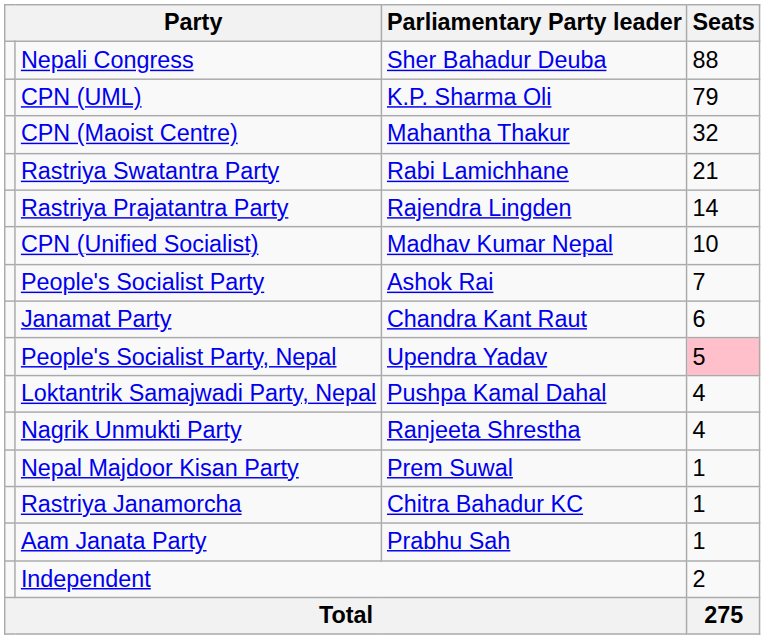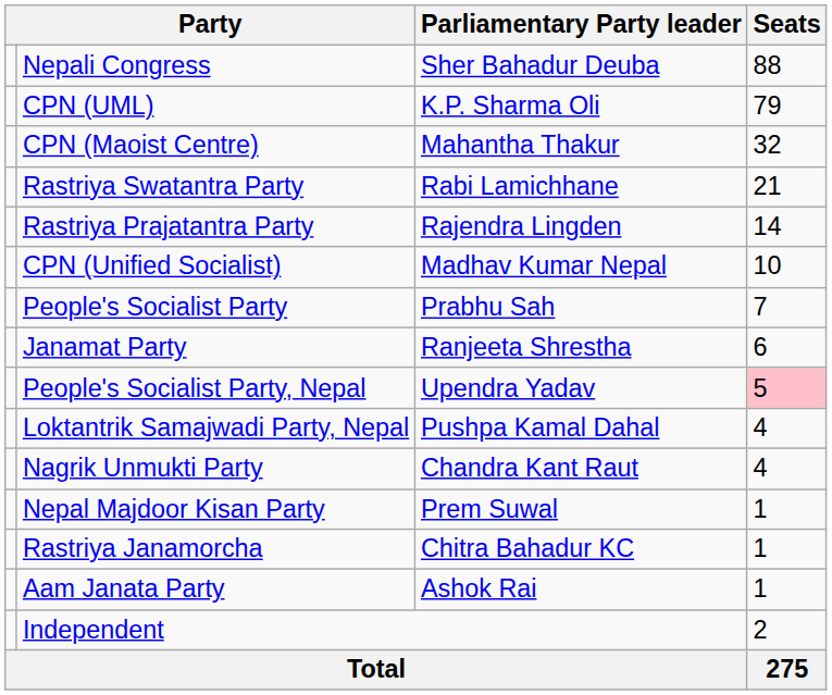 <table class="wikitable">
 <tr>
 <th colspan="2">Party</th>
 <th>Parliamentary Party leader</th>
 <th>Seats</th>
 </tr>
 <tr>
 <td></td>
 <td><a href='#'>Nepali Congress</a></td>
 <td><a href='#'>Sher Bahadur Deuba</a></td>
 <td>88</td>
 </tr>
 <tr>
 <td></td>
 <td><a href='#'>CPN (UML)</a></td>
 <td><a href='#'>K.P. Sharma Oli</a></td>
 <td>79</td>
 </tr>
 <tr>
 <td></td>
 <td><a href='#'>CPN (Maoist Centre)</a></td>
 <td><a href='#'>Mahantha Thakur</a></td>
 <td>32</td>
 </tr>
 <tr>
 <td></td>
 <td><a href='#'>Rastriya Swatantra Party</a></td>
 <td><a href='#'>Rabi Lamichhane</a></td>
 <td>21</td>
 </tr>
 <tr>
 <td></td>
 <td><a href='#'>Rastriya Prajatantra Party</a></td>
 <td><a href='#'>Rajendra Lingden</a></td>
 <td>14</td>
 </tr>
 <tr>
 <td></td>
 <td><a href='#'>CPN (Unified Socialist)</a></td>
 <td><a href='#'>Madhav Kumar Nepal</a></td>
 <td>10</td>
 </tr>
 <tr>
 <td></td>
 <td><a href='#'>People's Socialist Party</a></td>
-<td><a href='#'>Ashok Rai</a></td>
+<td><a href='#'>Prabhu Sah</a></td>
 <td>7</td>
 </tr>
 <tr>
 <td></td>
 <td><a href='#'>Janamat Party</a></td>
-<td><a href='#'>Chandra Kant Raut</a></td>
+<td><a href='#'>Ranjeeta Shrestha</a></td>
 <td>6</td>
 </tr>
 <tr>
 <td></td>
 <td><a href='#'>People's Socialist Party, Nepal</a></td>
 <td><a href='#'>Upendra Yadav</a></td>
 <td style="background: pink;">5</td>
 </tr>
 <tr>
 <td></td>
 <td><a href='#'>Loktantrik Samajwadi Party, Nepal</a></td>
 <td><a href='#'>Pushpa Kamal Dahal</a></td>
 <td>4</td>
 </tr>
 <tr>
 <td></td>
 <td><a href='#'>Nagrik Unmukti Party</a></td>
-<td><a href='#'>Ranjeeta Shrestha</a></td>
+<td><a href='#'>Chandra Kant Raut</a></td>
 <td>4</td>
 </tr>
 <tr>
 <td></td>
 <td><a href='#'>Nepal Majdoor Kisan Party</a></td>
 <td><a href='#'>Prem Suwal</a></td>
 <td>1</td>
 </tr>
 <tr>
 <td></td>
 <td><a href='#'>Rastriya Janamorcha</a></td>
 <td><a href='#'>Chitra Bahadur KC</a></td>
 <td>1</td>
 </tr>
 <tr>
 <td></td>
 <td><a href='#'>Aam Janata Party</a></td>
-<td><a href='#'>Prabhu Sah</a></td>
+<td><a href='#'>Ashok Rai</a></td>
 <td>1</td>
 </tr>
 <tr>
 <td></td>
 <td colspan="2"><a href='#'>Independent</a></td>
 <td>2</td>
 </tr>
 <tr>
 <th colspan="3">Total</th>
 <th>275</th>
 </tr>
 </table>
